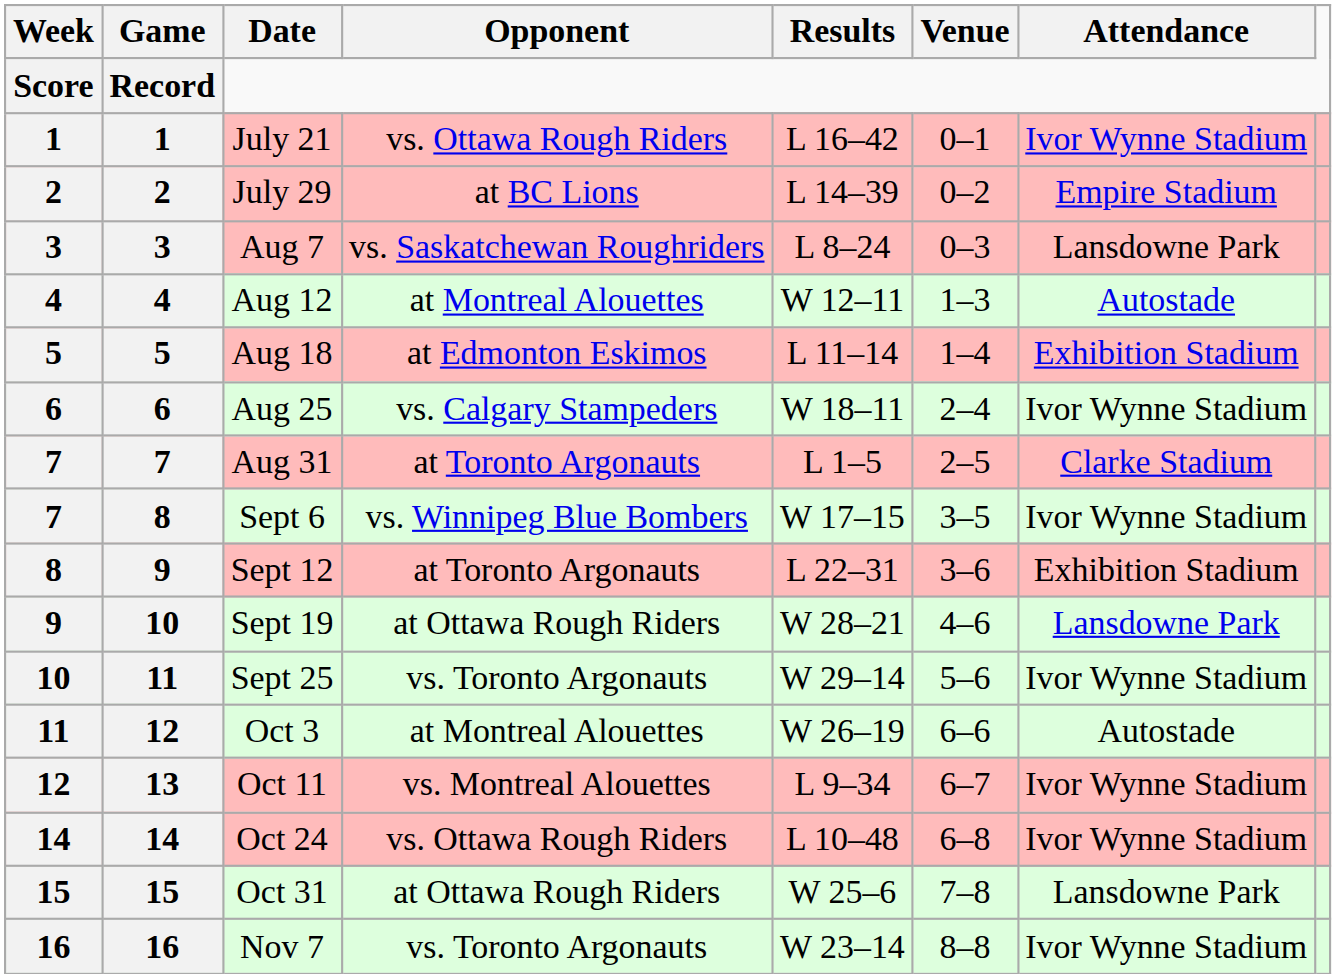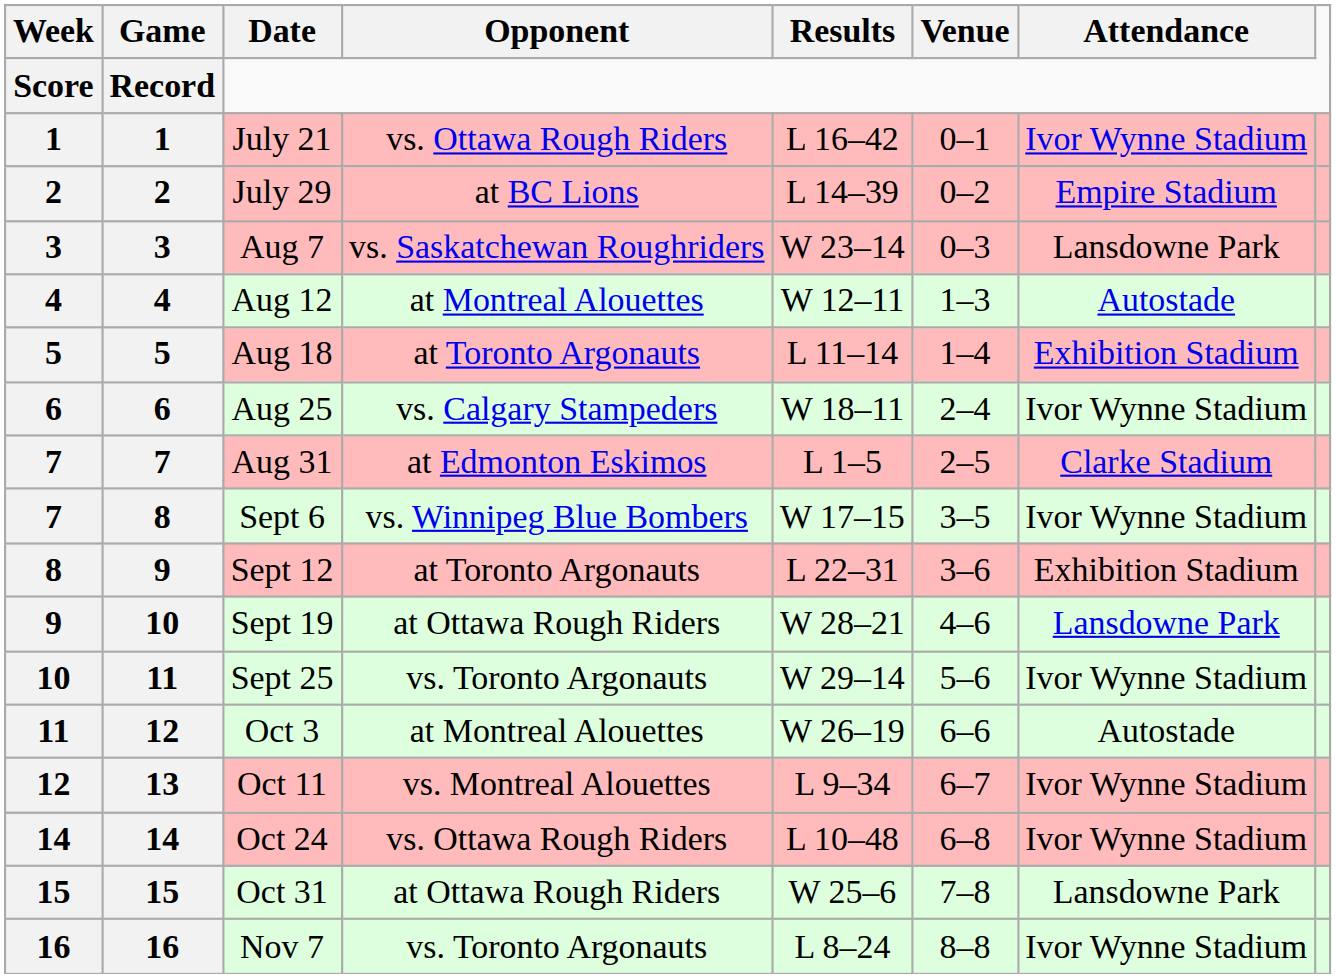 <table class="wikitable" style="text-align:center">
 <tr>
 <th>Week</th>
 <th>Game</th>
 <th>Date</th>
 <th>Opponent</th>
 <th>Results</th>
 <th>Venue</th>
 <th>Attendance</th>
 </tr>
 <tr>
 <th>Score</th>
 <th>Record</th>
 </tr>
 <tr style="background:#ffbbbb">
 <th>1</th>
 <th>1</th>
 <td>July 21</td>
 <td>vs. <a href='#'>Ottawa Rough Riders</a></td>
 <td>L 16–42</td>
 <td>0–1</td>
 <td><a href='#'>Ivor Wynne Stadium</a></td>
 <td></td>
 </tr>
 <tr style="background:#ffbbbb">
 <th>2</th>
 <th>2</th>
 <td>July 29</td>
 <td>at <a href='#'>BC Lions</a></td>
 <td>L 14–39</td>
 <td>0–2</td>
 <td><a href='#'>Empire Stadium</a></td>
 <td></td>
 </tr>
 <tr style="background:#ffbbbb">
 <th>3</th>
 <th>3</th>
 <td>Aug 7</td>
 <td>vs. <a href='#'>Saskatchewan Roughriders</a></td>
-<td>L 8–24</td>
+<td>W 23–14</td>
 <td>0–3</td>
 <td>Lansdowne Park</td>
 <td></td>
 </tr>
 <tr style="background:#ddffdd">
 <th>4</th>
 <th>4</th>
 <td>Aug 12</td>
 <td>at <a href='#'>Montreal Alouettes</a></td>
 <td>W 12–11</td>
 <td>1–3</td>
 <td><a href='#'>Autostade</a></td>
 <td></td>
 </tr>
 <tr style="background:#ffbbbb">
 <th>5</th>
 <th>5</th>
 <td>Aug 18</td>
-<td>at <a href='#'>Edmonton Eskimos</a></td>
+<td>at <a href='#'>Toronto Argonauts</a></td>
 <td>L 11–14</td>
 <td>1–4</td>
 <td><a href='#'>Exhibition Stadium</a></td>
 <td></td>
 </tr>
 <tr style="background:#ddffdd">
 <th>6</th>
 <th>6</th>
 <td>Aug 25</td>
 <td>vs. <a href='#'>Calgary Stampeders</a></td>
 <td>W 18–11</td>
 <td>2–4</td>
 <td>Ivor Wynne Stadium</td>
 <td></td>
 </tr>
 <tr style="background:#ffbbbb">
 <th>7</th>
 <th>7</th>
 <td>Aug 31</td>
-<td>at <a href='#'>Toronto Argonauts</a></td>
+<td>at <a href='#'>Edmonton Eskimos</a></td>
 <td>L 1–5</td>
 <td>2–5</td>
 <td><a href='#'>Clarke Stadium</a></td>
 <td></td>
 </tr>
 <tr style="background:#ddffdd">
 <th>7</th>
 <th>8</th>
 <td>Sept 6</td>
 <td>vs. <a href='#'>Winnipeg Blue Bombers</a></td>
 <td>W 17–15</td>
 <td>3–5</td>
 <td>Ivor Wynne Stadium</td>
 <td></td>
 </tr>
 <tr style="background:#ffbbbb">
 <th>8</th>
 <th>9</th>
 <td>Sept 12</td>
 <td>at Toronto Argonauts</td>
 <td>L 22–31</td>
 <td>3–6</td>
 <td>Exhibition Stadium</td>
 <td></td>
 </tr>
 <tr style="background:#ddffdd">
 <th>9</th>
 <th>10</th>
 <td>Sept 19</td>
 <td>at Ottawa Rough Riders</td>
 <td>W 28–21</td>
 <td>4–6</td>
 <td><a href='#'>Lansdowne Park</a></td>
 <td></td>
 </tr>
 <tr style="background:#ddffdd">
 <th>10</th>
 <th>11</th>
 <td>Sept 25</td>
 <td>vs. Toronto Argonauts</td>
 <td>W 29–14</td>
 <td>5–6</td>
 <td>Ivor Wynne Stadium</td>
 <td></td>
 </tr>
 <tr style="background:#ddffdd">
 <th>11</th>
 <th>12</th>
 <td>Oct 3</td>
 <td>at Montreal Alouettes</td>
 <td>W 26–19</td>
 <td>6–6</td>
 <td>Autostade</td>
 <td></td>
 </tr>
 <tr style="background:#ffbbbb">
 <th>12</th>
 <th>13</th>
 <td>Oct 11</td>
 <td>vs. Montreal Alouettes</td>
 <td>L 9–34</td>
 <td>6–7</td>
 <td>Ivor Wynne Stadium</td>
 <td></td>
 </tr>
 <tr style="background:#ffbbbb">
 <th>14</th>
 <th>14</th>
 <td>Oct 24</td>
 <td>vs. Ottawa Rough Riders</td>
 <td>L 10–48</td>
 <td>6–8</td>
 <td>Ivor Wynne Stadium</td>
 <td></td>
 </tr>
 <tr style="background:#ddffdd">
 <th>15</th>
 <th>15</th>
 <td>Oct 31</td>
 <td>at Ottawa Rough Riders</td>
 <td>W 25–6</td>
 <td>7–8</td>
 <td>Lansdowne Park</td>
 <td></td>
 </tr>
 <tr style="background:#ddffdd">
 <th>16</th>
 <th>16</th>
 <td>Nov 7</td>
 <td>vs. Toronto Argonauts</td>
-<td>W 23–14</td>
+<td>L 8–24</td>
 <td>8–8</td>
 <td>Ivor Wynne Stadium</td>
 <td></td>
 </tr>
 </table>
